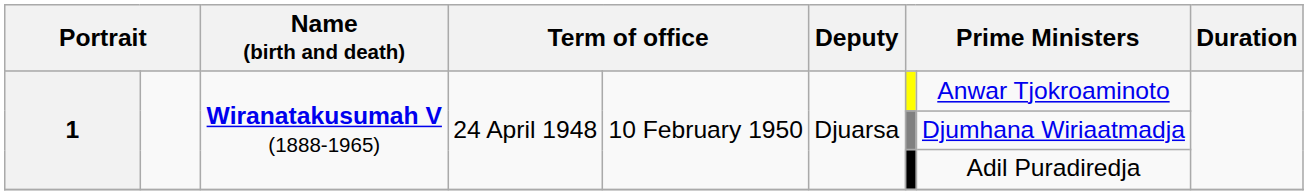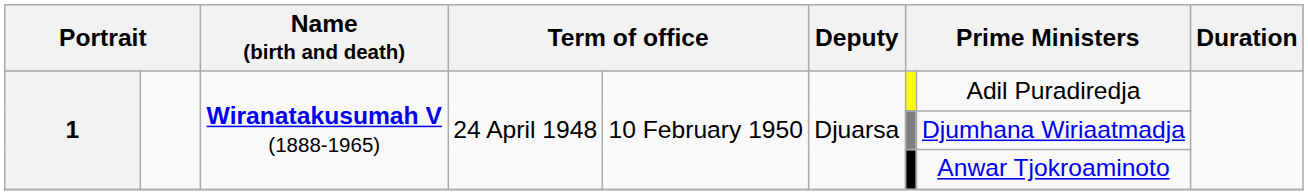 <table class="wikitable" style="text-align:center">
 <tr>
 <th colspan="2" width=120px>Portrait</th>
 <th>Name<br><small>(birth and death)</small></th>
 <th colspan="2">Term of office</th>
 <th>Deputy</th>
 <th colspan="2">Prime Ministers</th>
 <th>Duration</th>
 </tr>
 <tr>
 <th rowspan="3">1</th>
 <td rowspan="3"></td>
 <td rowspan="3"><strong><a href='#'>Wiranatakusumah V</a></strong><br><small>(1888-1965)</small></td>
 <td rowspan="3">24 April 1948</td>
 <td rowspan="3">10 February 1950</td>
 <td rowspan="3">Djuarsa</td>
 <td bgcolor="yellow"></td>
-<td><a href='#'>Anwar Tjokroaminoto</a></td>
+<td>Adil Puradiredja</td>
 <td rowspan="3"></td>
 </tr>
 <tr>
 <td bgcolor="gray"></td>
 <td><a href='#'>Djumhana Wiriaatmadja</a></td>
 </tr>
 <tr>
 <td bgcolor="black"></td>
-<td>Adil Puradiredja</td>
+<td><a href='#'>Anwar Tjokroaminoto</a></td>
 </tr>
 <tr>
 </tr>
 </table>
